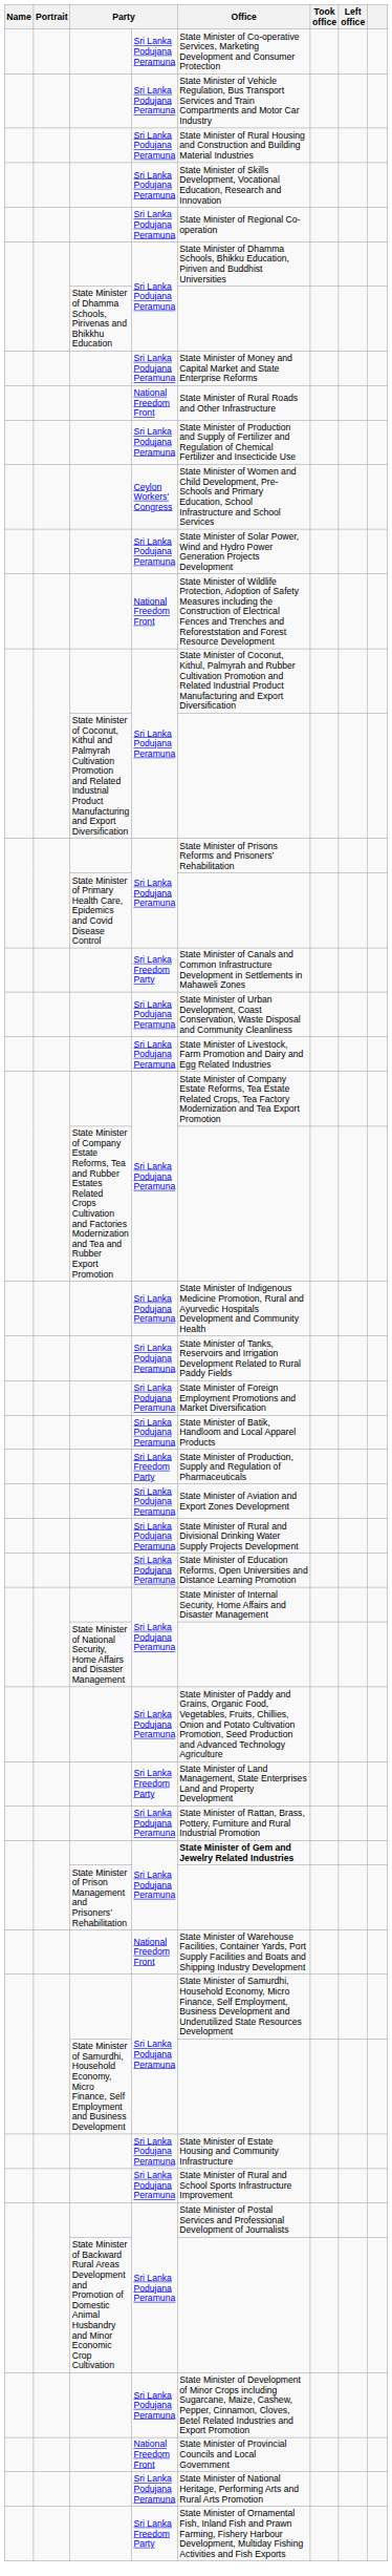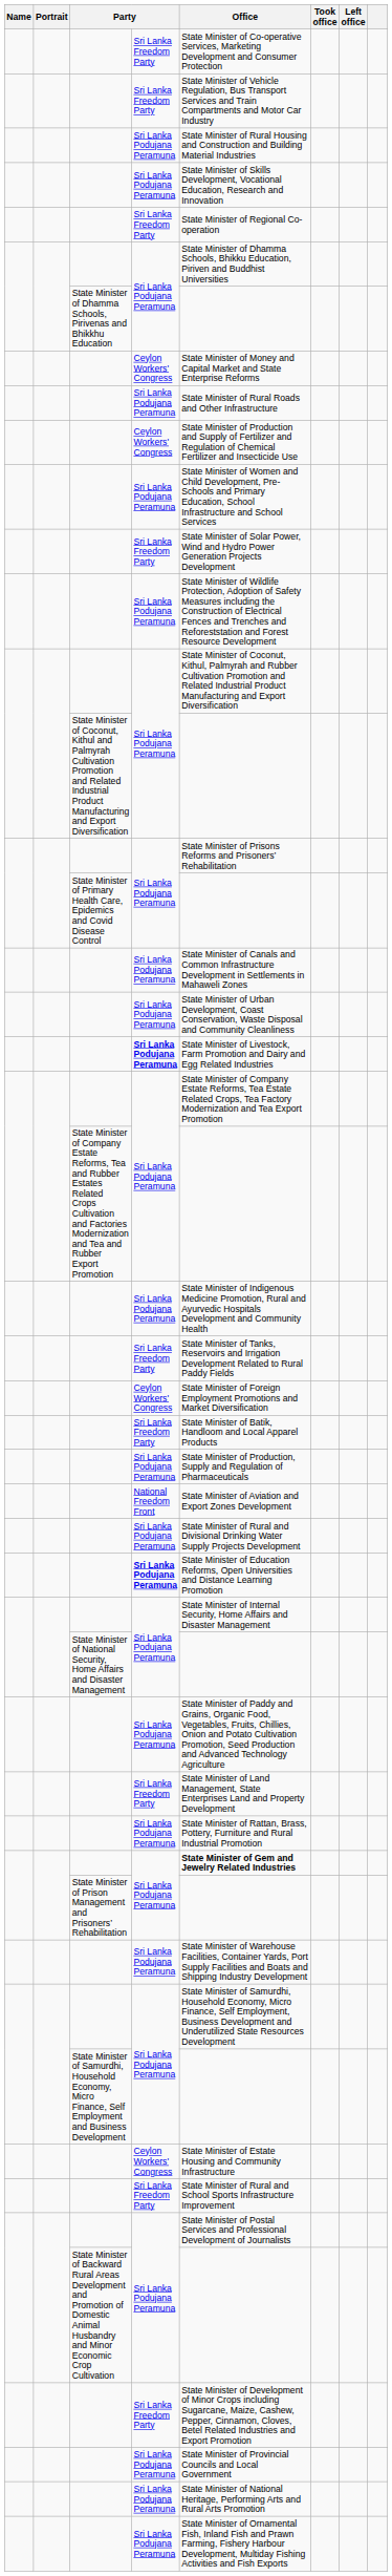 <table class="wikitable plainrowheaders sortable" style="font-size:90%; text-align:left;">
 <tr>
 <th scope=col>Name</th>
 <th scope=col class=unsortable>Portrait</th>
 <th scope=col colspan="2">Party</th>
 <th scope=col width=300px>Office</th>
 <th scope=col>Took office</th>
 <th scope=col>Left office</th>
 <th scope=col width=50px class=unsortable></th>
 </tr>
 <tr>
 <td></td>
 <td align=center></td>
 <td !align="center" style="background:"></td>
-<td><a href='#'>Sri Lanka Podujana Peramuna</a></td>
+<td><a href='#'>Sri Lanka Freedom Party</a></td>
 <td>State Minister of Co-operative Services, Marketing Development and Consumer Protection</td>
 <td align=center></td>
 <td align=center></td>
 <td align=center></td>
 </tr>
 <tr>
 <td></td>
 <td align=center></td>
 <td !align="center" style="background:"></td>
-<td><a href='#'>Sri Lanka Podujana Peramuna</a></td>
+<td><a href='#'>Sri Lanka Freedom Party</a></td>
 <td>State Minister of Vehicle Regulation, Bus Transport Services and Train Compartments and Motor Car Industry</td>
 <td align=center></td>
 <td align=center></td>
 <td align=center></td>
 </tr>
 <tr>
 <td></td>
 <td align=center></td>
 <td !align="center" style="background:"></td>
 <td><a href='#'>Sri Lanka Podujana Peramuna</a></td>
 <td>State Minister of Rural Housing and Construction and Building Material Industries</td>
 <td align=center></td>
 <td align=center></td>
 <td align=center></td>
 </tr>
 <tr>
 <td></td>
 <td align=center></td>
 <td !align="center" style="background:"></td>
 <td><a href='#'>Sri Lanka Podujana Peramuna</a></td>
 <td>State Minister of Skills Development, Vocational Education, Research and Innovation</td>
 <td align=center></td>
 <td align=center></td>
 <td align=center></td>
 </tr>
 <tr>
 <td></td>
 <td align=center></td>
 <td !align="center" style="background:"></td>
-<td><a href='#'>Sri Lanka Podujana Peramuna</a></td>
+<td><a href='#'>Sri Lanka Freedom Party</a></td>
 <td>State Minister of Regional Co-operation</td>
 <td align=center></td>
 <td align=center></td>
 <td align=center></td>
 </tr>
 <tr>
 <td rowspan=2></td>
 <td align=center rowspan=2></td>
 <td !align="center" style="background:"></td>
 <td rowspan=2><a href='#'>Sri Lanka Podujana Peramuna</a></td>
 <td>State Minister of Dhamma Schools, Bhikku Education, Piriven and Buddhist Universities</td>
 <td align=center></td>
 <td align=center></td>
 <td align=center></td>
 </tr>
 <tr>
 <td>State Minister of Dhamma Schools, Pirivenas and Bhikkhu Education</td>
 <td align=center></td>
 <td align=center></td>
 <td align=center></td>
 </tr>
 <tr>
 <td></td>
 <td align=center></td>
 <td !align="center" style="background:"></td>
-<td><a href='#'>Sri Lanka Podujana Peramuna</a></td>
+<td><a href='#'>Ceylon Workers' Congress</a></td>
 <td>State Minister of Money and Capital Market and State Enterprise Reforms</td>
 <td align=center></td>
 <td align=center></td>
 <td align=center></td>
 </tr>
 <tr>
 <td></td>
 <td align=center></td>
 <td !align="center" style="background:"></td>
-<td><a href='#'>National Freedom Front</a></td>
+<td><a href='#'>Sri Lanka Podujana Peramuna</a></td>
 <td>State Minister of Rural Roads and Other Infrastructure</td>
 <td align=center></td>
 <td align=center></td>
 <td align=center></td>
 </tr>
 <tr>
 <td></td>
 <td align=center></td>
 <td !align="center" style="background:"></td>
-<td><a href='#'>Sri Lanka Podujana Peramuna</a></td>
+<td><a href='#'>Ceylon Workers' Congress</a></td>
 <td>State Minister of Production and Supply of Fertilizer and Regulation of Chemical Fertilizer and Insecticide Use</td>
 <td align=center></td>
 <td align=center></td>
 <td align=center></td>
 </tr>
 <tr>
 <td></td>
 <td align=center></td>
 <td !align="center" style="background:"></td>
-<td><a href='#'>Ceylon Workers' Congress</a></td>
+<td><a href='#'>Sri Lanka Podujana Peramuna</a></td>
 <td>State Minister of Women and Child Development, Pre-Schools and Primary Education, School Infrastructure and School Services</td>
 <td align=center></td>
 <td align=center></td>
 <td align=center></td>
 </tr>
 <tr>
 <td></td>
 <td align=center></td>
 <td !align="center" style="background:"></td>
-<td><a href='#'>Sri Lanka Podujana Peramuna</a></td>
+<td><a href='#'>Sri Lanka Freedom Party</a></td>
 <td>State Minister of Solar Power, Wind and Hydro Power Generation Projects Development</td>
 <td align=center></td>
 <td align=center></td>
 <td align=center></td>
 </tr>
 <tr>
 <td></td>
 <td align=center></td>
 <td !align="center" style="background:"></td>
-<td><a href='#'>National Freedom Front</a></td>
+<td><a href='#'>Sri Lanka Podujana Peramuna</a></td>
 <td>State Minister of Wildlife Protection, Adoption of Safety Measures including the Construction of Electrical Fences and Trenches and Reforeststation and Forest Resource Development</td>
 <td align=center></td>
 <td align=center></td>
 <td align=center></td>
 </tr>
 <tr>
 <td rowspan=2></td>
 <td align=center rowspan=2></td>
 <td !align="center" style="background:"></td>
 <td rowspan=2><a href='#'>Sri Lanka Podujana Peramuna</a></td>
 <td>State Minister of Coconut, Kithul, Palmyrah and Rubber Cultivation Promotion and Related Industrial Product Manufacturing and Export Diversification</td>
 <td align=center></td>
 <td align=center></td>
 <td align=center></td>
 </tr>
 <tr>
 <td>State Minister of Coconut, Kithul and Palmyrah Cultivation Promotion and Related Industrial Product Manufacturing and Export Diversification</td>
 <td align=center></td>
 <td align=center></td>
 <td align=center></td>
 </tr>
 <tr>
 <td rowspan=2></td>
 <td align=center rowspan=2></td>
 <td !align="center" style="background:"></td>
 <td rowspan=2><a href='#'>Sri Lanka Podujana Peramuna</a></td>
 <td>State Minister of Prisons Reforms and Prisoners’ Rehabilitation</td>
 <td align=center></td>
 <td align=center></td>
 <td align=center></td>
 </tr>
 <tr>
 <td>State Minister of Primary Health Care, Epidemics and Covid Disease Control</td>
 <td align=center></td>
 <td align=center></td>
 <td align=center></td>
 </tr>
 <tr>
 <td></td>
 <td align=center></td>
 <td !align="center" style="background:"></td>
-<td><a href='#'>Sri Lanka Freedom Party</a></td>
+<td><a href='#'>Sri Lanka Podujana Peramuna</a></td>
 <td>State Minister of Canals and Common Infrastructure Development in Settlements in Mahaweli Zones</td>
 <td align=center></td>
 <td align=center></td>
 <td align=center></td>
 </tr>
 <tr>
 <td></td>
 <td align=center></td>
 <td !align="center" style="background:"></td>
 <td><a href='#'>Sri Lanka Podujana Peramuna</a></td>
 <td>State Minister of Urban Development, Coast Conservation, Waste Disposal and Community Cleanliness</td>
 <td align=center></td>
 <td align=center></td>
 <td align=center></td>
 </tr>
 <tr>
 <td></td>
 <td align=center></td>
 <td !align="center" style="background:"></td>
-<td><a href='#'>Sri Lanka Podujana Peramuna</a></td>
+<td><strong><a href='#'>Sri Lanka Podujana Peramuna</a></strong></td>
 <td>State Minister of Livestock, Farm Promotion and Dairy and Egg Related Industries</td>
 <td align=center></td>
 <td align=center></td>
 <td align=center></td>
 </tr>
 <tr>
 <td rowspan=2></td>
 <td align=center rowspan=2></td>
 <td !align="center" style="background:"></td>
 <td rowspan=2><a href='#'>Sri Lanka Podujana Peramuna</a></td>
 <td>State Minister of Company Estate Reforms, Tea Estate Related Crops, Tea Factory Modernization and Tea Export Promotion</td>
 <td align=center></td>
 <td align=center></td>
 <td align=center></td>
 </tr>
 <tr>
 <td>State Minister of Company Estate Reforms, Tea and Rubber Estates Related Crops Cultivation and Factories Modernization and Tea and Rubber Export Promotion</td>
 <td align=center></td>
 <td align=center></td>
 <td align=center></td>
 </tr>
 <tr>
 <td></td>
 <td align=center></td>
 <td !align="center" style="background:"></td>
 <td><a href='#'>Sri Lanka Podujana Peramuna</a></td>
 <td>State Minister of Indigenous Medicine Promotion, Rural and Ayurvedic Hospitals Development and Community Health</td>
 <td align=center></td>
 <td align=center></td>
 <td align=center></td>
 </tr>
 <tr>
 <td></td>
 <td align=center></td>
 <td !align="center" style="background:"></td>
-<td><a href='#'>Sri Lanka Podujana Peramuna</a></td>
+<td><a href='#'>Sri Lanka Freedom Party</a></td>
 <td>State Minister of Tanks, Reservoirs and Irrigation Development Related to Rural Paddy Fields</td>
 <td align=center></td>
 <td align=center></td>
 <td align=center></td>
 </tr>
 <tr>
 <td></td>
 <td align=center></td>
 <td !align="center" style="background:"></td>
-<td><a href='#'>Sri Lanka Podujana Peramuna</a></td>
+<td><a href='#'>Ceylon Workers' Congress</a></td>
 <td>State Minister of Foreign Employment Promotions and Market Diversification</td>
 <td align=center></td>
 <td align=center></td>
 <td align=center></td>
 </tr>
 <tr>
 <td></td>
 <td align=center></td>
 <td !align="center" style="background:"></td>
-<td><a href='#'>Sri Lanka Podujana Peramuna</a></td>
+<td><a href='#'>Sri Lanka Freedom Party</a></td>
 <td>State Minister of Batik, Handloom and Local Apparel Products</td>
 <td align=center></td>
 <td align=center></td>
 <td align=center></td>
 </tr>
 <tr>
 <td></td>
 <td align=center></td>
 <td !align="center" style="background:"></td>
-<td><a href='#'>Sri Lanka Freedom Party</a></td>
+<td><a href='#'>Sri Lanka Podujana Peramuna</a></td>
 <td>State Minister of Production, Supply and Regulation of Pharmaceuticals</td>
 <td align=center></td>
 <td align=center></td>
 <td align=center></td>
 </tr>
 <tr>
 <td></td>
 <td align=center></td>
 <td !align="center" style="background:"></td>
-<td><a href='#'>Sri Lanka Podujana Peramuna</a></td>
+<td><a href='#'>National Freedom Front</a></td>
 <td>State Minister of Aviation and Export Zones Development</td>
 <td align=center></td>
 <td align=center></td>
 <td align=center></td>
 </tr>
 <tr>
 <td></td>
 <td align=center></td>
 <td !align="center" style="background:"></td>
 <td><a href='#'>Sri Lanka Podujana Peramuna</a></td>
 <td>State Minister of Rural and Divisional Drinking Water Supply Projects Development</td>
 <td align=center></td>
 <td align=center></td>
 <td align=center></td>
 </tr>
 <tr>
 <td></td>
 <td align=center></td>
 <td !align="center" style="background:"></td>
-<td><a href='#'>Sri Lanka Podujana Peramuna</a></td>
+<td><strong><a href='#'>Sri Lanka Podujana Peramuna</a></strong></td>
 <td>State Minister of Education Reforms, Open Universities and Distance Learning Promotion</td>
 <td align=center></td>
 <td align=center></td>
 <td align=center></td>
 </tr>
 <tr>
 <td rowspan=2></td>
 <td align=center rowspan=2></td>
 <td !align="center" style="background:"></td>
 <td rowspan=2><a href='#'>Sri Lanka Podujana Peramuna</a></td>
 <td>State Minister of Internal Security, Home Affairs and Disaster Management</td>
 <td align=center></td>
 <td align=center></td>
 <td align=center></td>
 </tr>
 <tr>
 <td>State Minister of National Security, Home Affairs and Disaster Management</td>
 <td align=center></td>
 <td align=center></td>
 <td align=center></td>
 </tr>
 <tr>
 <td></td>
 <td align=center></td>
 <td !align="center" style="background:"></td>
 <td><a href='#'>Sri Lanka Podujana Peramuna</a></td>
 <td>State Minister of Paddy and Grains, Organic Food, Vegetables, Fruits, Chillies, Onion and Potato Cultivation Promotion, Seed Production and Advanced Technology Agriculture</td>
 <td align=center></td>
 <td align=center></td>
 <td align=center></td>
 </tr>
 <tr>
 <td></td>
 <td align=center></td>
 <td !align="center" style="background:"></td>
 <td><a href='#'>Sri Lanka Freedom Party</a></td>
 <td>State Minister of Land Management, State Enterprises Land and Property Development</td>
 <td align=center></td>
 <td align=center></td>
 <td align=center></td>
 </tr>
 <tr>
 <td></td>
 <td align=center></td>
 <td !align="center" style="background:"></td>
 <td><a href='#'>Sri Lanka Podujana Peramuna</a></td>
 <td>State Minister of Rattan, Brass, Pottery, Furniture and Rural Industrial Promotion</td>
 <td align=center></td>
 <td align=center></td>
 <td align=center></td>
 </tr>
 <tr>
 <td rowspan=2></td>
 <td align=center rowspan=2></td>
 <td !align="center" style="background:"></td>
 <td rowspan=2><a href='#'>Sri Lanka Podujana Peramuna</a></td>
 <td><strong>State Minister of Gem and Jewelry Related Industries</strong></td>
 <td align=center></td>
 <td align=center></td>
 <td align=center></td>
 </tr>
 <tr>
 <td>State Minister of Prison Management and Prisoners’ Rehabilitation</td>
 <td align=center></td>
 <td align=center></td>
 <td align=center></td>
 </tr>
 <tr>
 <td></td>
 <td align=center></td>
 <td !align="center" style="background:"></td>
-<td><a href='#'>National Freedom Front</a></td>
+<td><a href='#'>Sri Lanka Podujana Peramuna</a></td>
 <td>State Minister of Warehouse Facilities, Container Yards, Port Supply Facilities and Boats and Shipping Industry Development</td>
 <td align=center></td>
 <td align=center></td>
 <td align=center></td>
 </tr>
 <tr>
 <td rowspan=2></td>
 <td align=center rowspan=2></td>
 <td !align="center" style="background:"></td>
 <td rowspan=2><a href='#'>Sri Lanka Podujana Peramuna</a></td>
 <td>State Minister of Samurdhi, Household Economy, Micro Finance, Self Employment, Business Development and Underutilized State Resources Development</td>
 <td align=center></td>
 <td align=center></td>
 <td align=center></td>
 </tr>
 <tr>
 <td>State Minister of Samurdhi, Household Economy, Micro Finance, Self Employment and Business Development</td>
 <td align=center></td>
 <td align=center></td>
 <td align=center></td>
 </tr>
 <tr>
 <td></td>
 <td align=center></td>
 <td !align="center" style="background:"></td>
-<td><a href='#'>Sri Lanka Podujana Peramuna</a></td>
+<td><a href='#'>Ceylon Workers' Congress</a></td>
 <td>State Minister of Estate Housing and Community Infrastructure</td>
 <td align=center></td>
 <td align=center></td>
 <td align=center></td>
 </tr>
 <tr>
 <td></td>
 <td align=center></td>
 <td !align="center" style="background:"></td>
-<td><a href='#'>Sri Lanka Podujana Peramuna</a></td>
+<td><a href='#'>Sri Lanka Freedom Party</a></td>
 <td>State Minister of Rural and School Sports Infrastructure Improvement</td>
 <td align=center></td>
 <td align=center></td>
 <td align=center></td>
 </tr>
 <tr>
 <td rowspan=2></td>
 <td align=center rowspan=2></td>
 <td !align="center" style="background:"></td>
 <td rowspan=2><a href='#'>Sri Lanka Podujana Peramuna</a></td>
 <td>State Minister of Postal Services and Professional Development of Journalists</td>
 <td align=center></td>
 <td align=center></td>
 <td align=center></td>
 </tr>
 <tr>
 <td>State Minister of Backward Rural Areas Development and Promotion of Domestic Animal Husbandry and Minor Economic Crop Cultivation</td>
 <td align=center></td>
 <td align=center></td>
 <td align=center></td>
 </tr>
 <tr>
 <td></td>
 <td align=center></td>
 <td !align="center" style="background:"></td>
-<td><a href='#'>Sri Lanka Podujana Peramuna</a></td>
+<td><a href='#'>Sri Lanka Freedom Party</a></td>
 <td>State Minister of Development of Minor Crops including Sugarcane, Maize, Cashew, Pepper, Cinnamon, Cloves, Betel Related Industries and Export Promotion</td>
 <td align=center></td>
 <td align=center></td>
 <td align=center></td>
 </tr>
 <tr>
 <td></td>
 <td align=center></td>
 <td !align="center" style="background:"></td>
-<td><a href='#'>National Freedom Front</a></td>
+<td><a href='#'>Sri Lanka Podujana Peramuna</a></td>
 <td>State Minister of Provincial Councils and Local Government</td>
 <td align=center></td>
 <td align=center></td>
 <td align=center></td>
 </tr>
 <tr>
 <td></td>
 <td align=center></td>
 <td !align="center" style="background:"></td>
 <td><a href='#'>Sri Lanka Podujana Peramuna</a></td>
 <td>State Minister of National Heritage, Performing Arts and Rural Arts Promotion</td>
 <td align=center></td>
 <td align=center></td>
 <td align=center></td>
 </tr>
 <tr>
 <td></td>
 <td align=center></td>
 <td !align="center" style="background:"></td>
-<td><a href='#'>Sri Lanka Freedom Party</a></td>
+<td><a href='#'>Sri Lanka Podujana Peramuna</a></td>
 <td>State Minister of Ornamental Fish, Inland Fish and Prawn Farming, Fishery Harbour Development, Multiday Fishing Activities and Fish Exports</td>
 <td align=center></td>
 <td align=center></td>
 <td align=center></td>
 </tr>
 </table>
